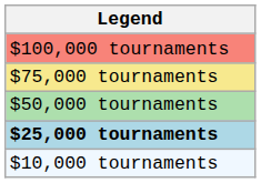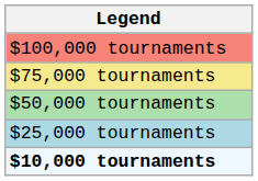 <table class="wikitable" style="font-size:85%; width:12%;">
 <tr>
 <th>Legend</th>
 </tr>
 <tr style="background:#f88379;">
 <td>$100,000 tournaments</td>
 </tr>
 <tr style="background:#f7e98e;">
 <td>$75,000 tournaments</td>
 </tr>
 <tr style="background:#addfad;">
 <td>$50,000 tournaments</td>
 </tr>
 <tr style="background:lightblue;">
-<td><strong>$25,000 tournaments</strong></td>
+<td>$25,000 tournaments</td>
 </tr>
 <tr style="background:#f0f8ff;">
-<td>$10,000 tournaments</td>
+<td><strong>$10,000 tournaments</strong></td>
 </tr>
 </table>
